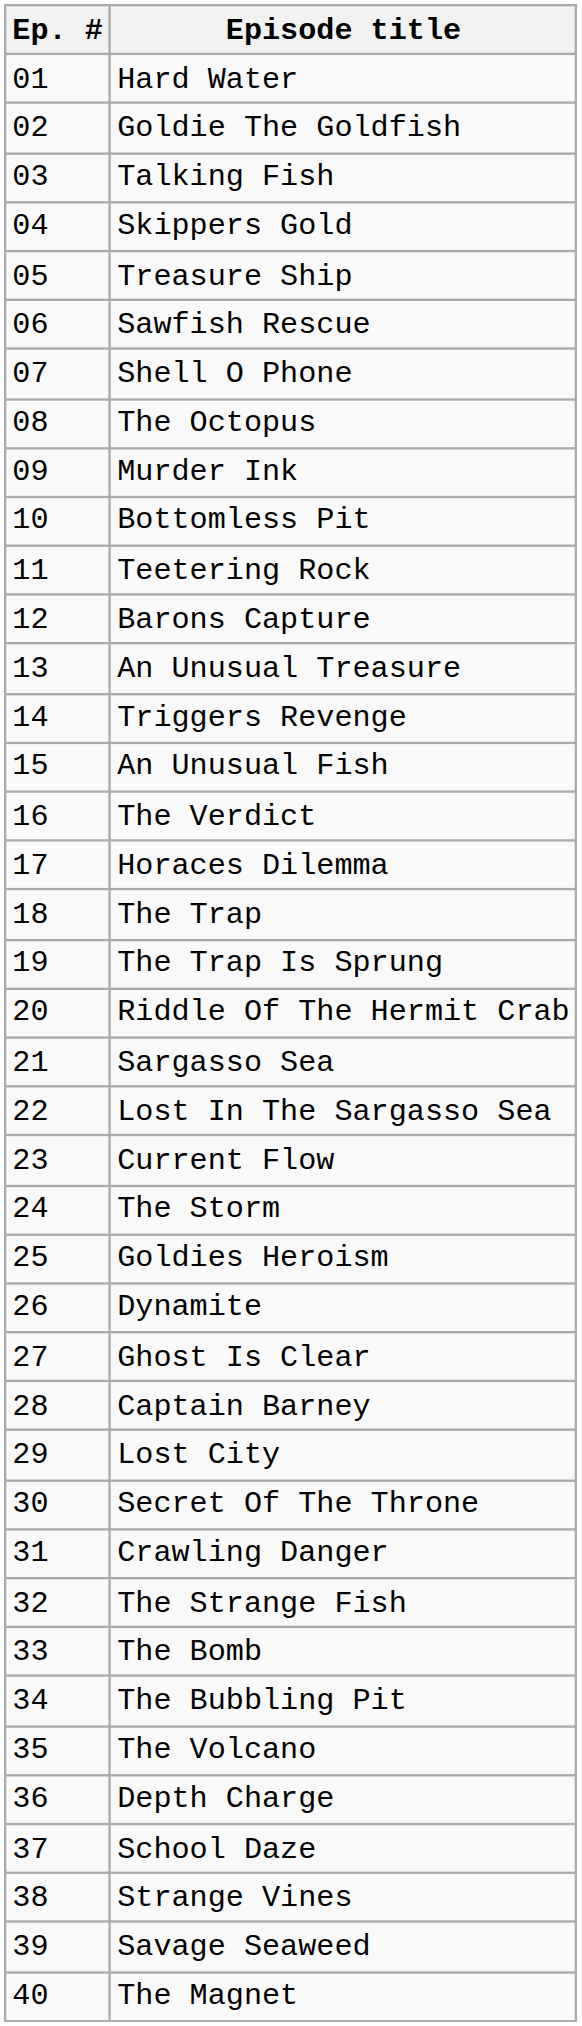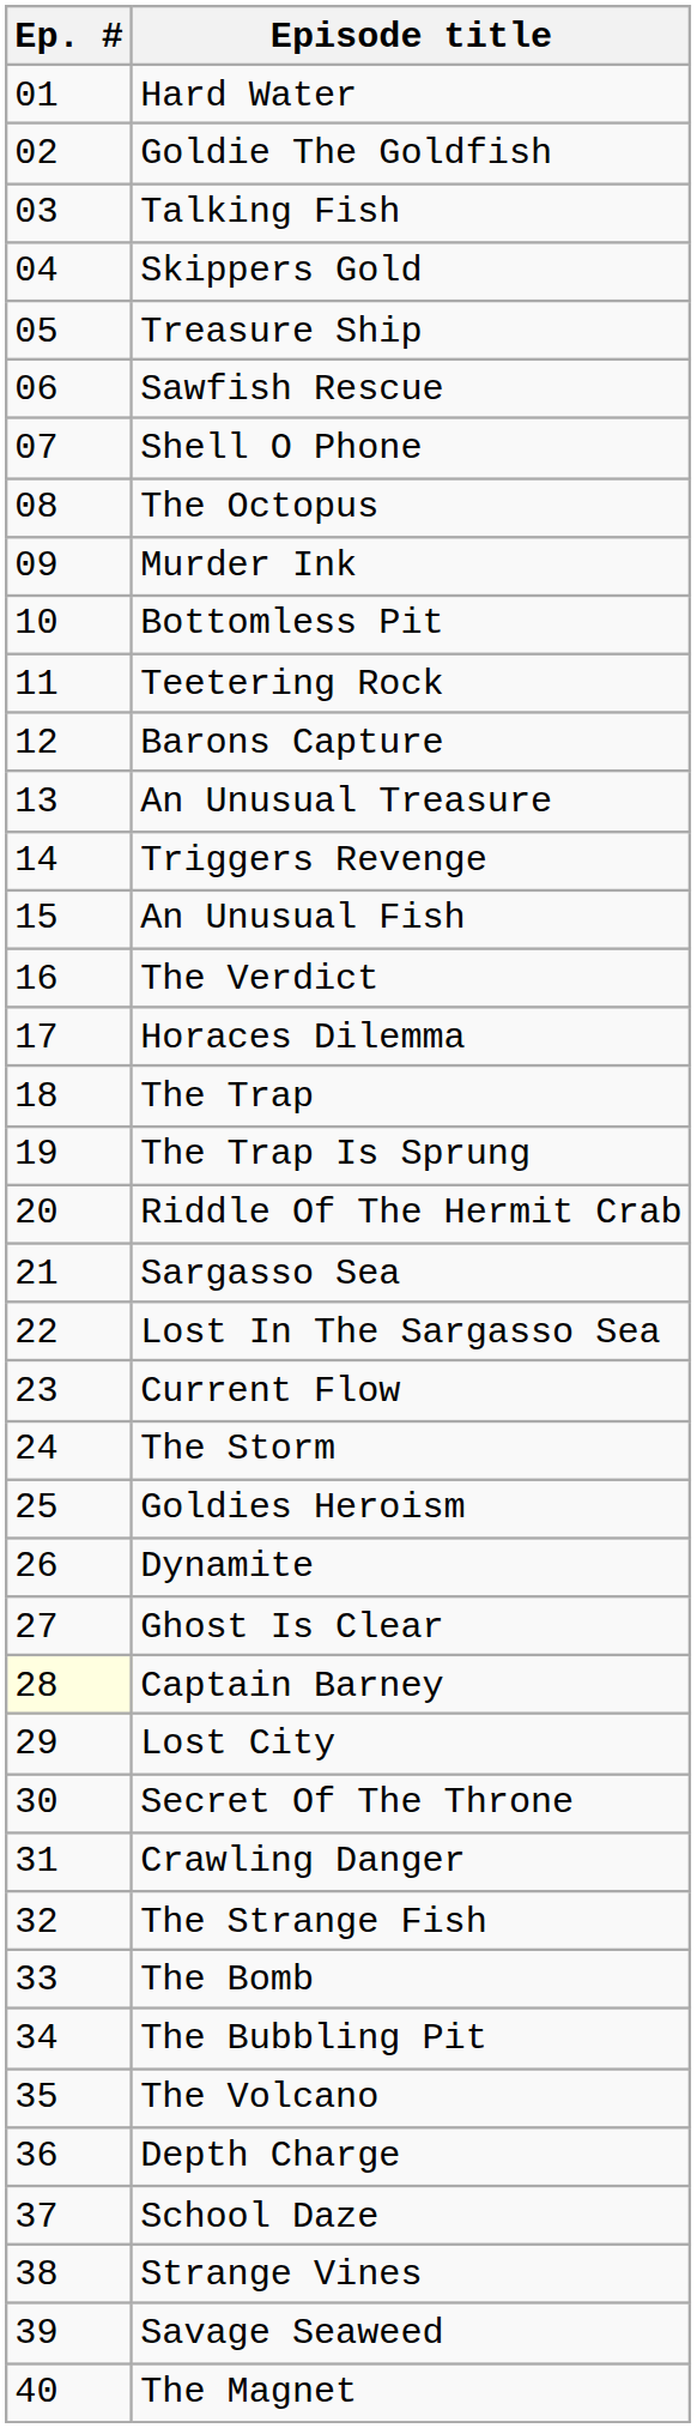 <table class="wikitable">
 <tr>
 <th>Ep. #</th>
 <th>Episode title</th>
 </tr>
 <tr>
 <td>01</td>
 <td>Hard Water</td>
 </tr>
 <tr>
 <td>02</td>
 <td>Goldie The Goldfish</td>
 </tr>
 <tr>
 <td>03</td>
 <td>Talking Fish</td>
 </tr>
 <tr>
 <td>04</td>
 <td>Skippers Gold</td>
 </tr>
 <tr>
 <td>05</td>
 <td>Treasure Ship</td>
 </tr>
 <tr>
 <td>06</td>
 <td>Sawfish Rescue</td>
 </tr>
 <tr>
 <td>07</td>
 <td>Shell O Phone</td>
 </tr>
 <tr>
 <td>08</td>
 <td>The Octopus</td>
 </tr>
 <tr>
 <td>09</td>
 <td>Murder Ink</td>
 </tr>
 <tr>
 <td>10</td>
 <td>Bottomless Pit</td>
 </tr>
 <tr>
 <td>11</td>
 <td>Teetering Rock</td>
 </tr>
 <tr>
 <td>12</td>
 <td>Barons Capture</td>
 </tr>
 <tr>
 <td>13</td>
 <td>An Unusual Treasure</td>
 </tr>
 <tr>
 <td>14</td>
 <td>Triggers Revenge</td>
 </tr>
 <tr>
 <td>15</td>
 <td>An Unusual Fish</td>
 </tr>
 <tr>
 <td>16</td>
 <td>The Verdict</td>
 </tr>
 <tr>
 <td>17</td>
 <td>Horaces Dilemma</td>
 </tr>
 <tr>
 <td>18</td>
 <td>The Trap</td>
 </tr>
 <tr>
 <td>19</td>
 <td>The Trap Is Sprung</td>
 </tr>
 <tr>
 <td>20</td>
 <td>Riddle Of The Hermit Crab</td>
 </tr>
 <tr>
 <td>21</td>
 <td>Sargasso Sea</td>
 </tr>
 <tr>
 <td>22</td>
 <td>Lost In The Sargasso Sea</td>
 </tr>
 <tr>
 <td>23</td>
 <td>Current Flow</td>
 </tr>
 <tr>
 <td>24</td>
 <td>The Storm</td>
 </tr>
 <tr>
 <td>25</td>
 <td>Goldies Heroism</td>
 </tr>
 <tr>
 <td>26</td>
 <td>Dynamite</td>
 </tr>
 <tr>
 <td>27</td>
 <td>Ghost Is Clear</td>
 </tr>
 <tr>
-<td>28</td>
+<td style="background: lightyellow;">28</td>
 <td>Captain Barney</td>
 </tr>
 <tr>
 <td>29</td>
 <td>Lost City</td>
 </tr>
 <tr>
 <td>30</td>
 <td>Secret Of The Throne</td>
 </tr>
 <tr>
 <td>31</td>
 <td>Crawling Danger</td>
 </tr>
 <tr>
 <td>32</td>
 <td>The Strange Fish</td>
 </tr>
 <tr>
 <td>33</td>
 <td>The Bomb</td>
 </tr>
 <tr>
 <td>34</td>
 <td>The Bubbling Pit</td>
 </tr>
 <tr>
 <td>35</td>
 <td>The Volcano</td>
 </tr>
 <tr>
 <td>36</td>
 <td>Depth Charge</td>
 </tr>
 <tr>
 <td>37</td>
 <td>School Daze</td>
 </tr>
 <tr>
 <td>38</td>
 <td>Strange Vines</td>
 </tr>
 <tr>
 <td>39</td>
 <td>Savage Seaweed</td>
 </tr>
 <tr>
 <td>40</td>
 <td>The Magnet</td>
 </tr>
 </table>
